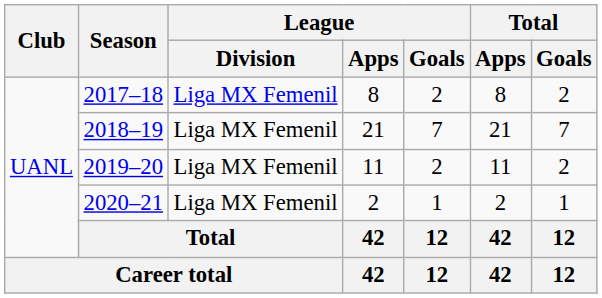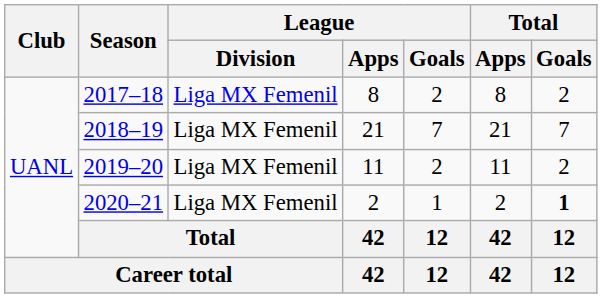 <table class=wikitable style="text-align: center;">
 <tr>
 <th rowspan=2>Club</th>
 <th rowspan=2>Season</th>
 <th colspan=3>League</th>
 <th colspan=2>Total</th>
 </tr>
 <tr>
 <th>Division</th>
 <th>Apps</th>
 <th>Goals</th>
 <th>Apps</th>
 <th>Goals</th>
 </tr>
 <tr>
 <td rowspan=5><a href='#'>UANL</a></td>
 <td><a href='#'>2017–18</a></td>
 <td><a href='#'>Liga MX Femenil</a></td>
 <td>8</td>
 <td>2</td>
 <td>8</td>
 <td>2</td>
 </tr>
 <tr>
 <td><a href='#'>2018–19</a></td>
 <td>Liga MX Femenil</td>
 <td>21</td>
 <td>7</td>
 <td>21</td>
 <td>7</td>
 </tr>
 <tr>
 <td><a href='#'>2019–20</a></td>
 <td>Liga MX Femenil</td>
 <td>11</td>
 <td>2</td>
 <td>11</td>
 <td>2</td>
 </tr>
 <tr>
 <td><a href='#'>2020–21</a></td>
 <td>Liga MX Femenil</td>
 <td>2</td>
 <td>1</td>
 <td>2</td>
-<td>1</td>
+<td><strong>1</strong></td>
 </tr>
 <tr>
 <th colspan=2>Total</th>
 <th>42</th>
 <th>12</th>
 <th>42</th>
 <th>12</th>
 </tr>
 <tr>
 <th colspan=3>Career total</th>
 <th>42</th>
 <th>12</th>
 <th>42</th>
 <th>12</th>
 </tr>
 </table>
